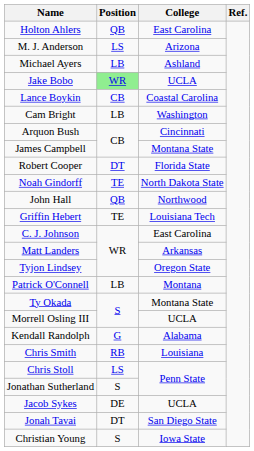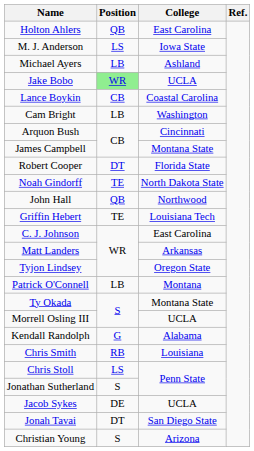 <table class="wikitable" style="text-align:center">
 <tr>
 <th>Name</th>
 <th>Position</th>
 <th>College</th>
 <th>Ref.</th>
 </tr>
 <tr>
 <td><a href='#'>Holton Ahlers</a></td>
 <td><a href='#'>QB</a></td>
 <td><a href='#'>East Carolina</a></td>
 <td rowspan="25"></td>
 </tr>
 <tr>
 <td>M. J. Anderson</td>
 <td><a href='#'>LS</a></td>
-<td><a href='#'>Arizona</a></td>
+<td><a href='#'>Iowa State</a></td>
 </tr>
 <tr>
 <td>Michael Ayers</td>
 <td><a href='#'>LB</a></td>
 <td><a href='#'>Ashland</a></td>
 </tr>
 <tr>
 <td><a href='#'>Jake Bobo</a></td>
 <td style="background: lightgreen;"><a href='#'>WR</a></td>
 <td><a href='#'>UCLA</a></td>
 </tr>
 <tr>
 <td><a href='#'>Lance Boykin</a></td>
 <td><a href='#'>CB</a></td>
 <td><a href='#'>Coastal Carolina</a></td>
 </tr>
 <tr>
 <td>Cam Bright</td>
 <td>LB</td>
 <td><a href='#'>Washington</a></td>
 </tr>
 <tr>
 <td>Arquon Bush</td>
 <td rowspan="2">CB</td>
 <td><a href='#'>Cincinnati</a></td>
 </tr>
 <tr>
 <td>James Campbell</td>
 <td><a href='#'>Montana State</a></td>
 </tr>
 <tr>
 <td>Robert Cooper</td>
 <td><a href='#'>DT</a></td>
 <td><a href='#'>Florida State</a></td>
 </tr>
 <tr>
 <td><a href='#'>Noah Gindorff</a></td>
 <td><a href='#'>TE</a></td>
 <td><a href='#'>North Dakota State</a></td>
 </tr>
 <tr>
 <td>John Hall</td>
 <td><a href='#'>QB</a></td>
 <td><a href='#'>Northwood</a></td>
 </tr>
 <tr>
 <td><a href='#'>Griffin Hebert</a></td>
 <td>TE</td>
 <td><a href='#'>Louisiana Tech</a></td>
 </tr>
 <tr>
 <td><a href='#'>C. J. Johnson</a></td>
 <td rowspan="3">WR</td>
 <td>East Carolina</td>
 </tr>
 <tr>
 <td><a href='#'>Matt Landers</a></td>
 <td><a href='#'>Arkansas</a></td>
 </tr>
 <tr>
 <td><a href='#'>Tyjon Lindsey</a></td>
 <td><a href='#'>Oregon State</a></td>
 </tr>
 <tr>
 <td><a href='#'>Patrick O'Connell</a></td>
 <td>LB</td>
 <td><a href='#'>Montana</a></td>
 </tr>
 <tr>
 <td><a href='#'>Ty Okada</a></td>
 <td rowspan="2"><a href='#'>S</a></td>
 <td>Montana State</td>
 </tr>
 <tr>
 <td>Morrell Osling III</td>
 <td>UCLA</td>
 </tr>
 <tr>
 <td>Kendall Randolph</td>
 <td><a href='#'>G</a></td>
 <td><a href='#'>Alabama</a></td>
 </tr>
 <tr>
 <td><a href='#'>Chris Smith</a></td>
 <td><a href='#'>RB</a></td>
 <td><a href='#'>Louisiana</a></td>
 </tr>
 <tr>
 <td><a href='#'>Chris Stoll</a></td>
 <td><a href='#'>LS</a></td>
 <td rowspan="2"><a href='#'>Penn State</a></td>
 </tr>
 <tr>
 <td>Jonathan Sutherland</td>
 <td>S</td>
 </tr>
 <tr>
 <td><a href='#'>Jacob Sykes</a></td>
 <td>DE</td>
 <td>UCLA</td>
 </tr>
 <tr>
 <td><a href='#'>Jonah Tavai</a></td>
 <td>DT</td>
 <td><a href='#'>San Diego State</a></td>
 </tr>
 <tr>
 <td>Christian Young</td>
 <td>S</td>
-<td><a href='#'>Iowa State</a></td>
+<td><a href='#'>Arizona</a></td>
 </tr>
 </table>
